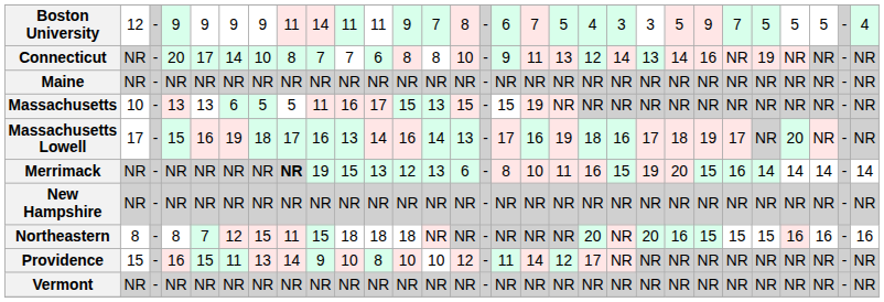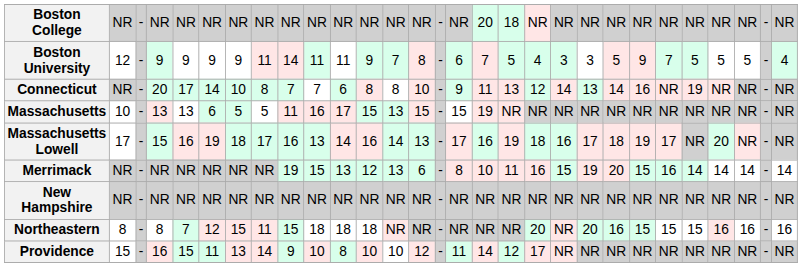 <table class="wikitable sortable" style="text-align: center;">
 <tr>
+</tr>
+<tr bgcolor=d0d0d0>
+<th>Boston College</th>
+<td>NR</td>
+<td>-</td>
+<td>NR</td>
+<td>NR</td>
+<td>NR</td>
+<td>NR</td>
+<td>NR</td>
+<td>NR</td>
+<td>NR</td>
+<td>NR</td>
+<td>NR</td>
+<td>NR</td>
+<td>NR</td>
+<td>-</td>
+<td>NR</td>
+<td bgcolor=D8FFEB>20</td>
+<td bgcolor=D8FFEB>18</td>
+<td bgcolor=FFE6E6>NR</td>
+<td>NR</td>
+<td>NR</td>
+<td>NR</td>
+<td>NR</td>
+<td>NR</td>
+<td>NR</td>
+<td>NR</td>
+<td>NR</td>
+<td>-</td>
+<td>NR</td>
 </tr>
 <tr bgcolor=d0d0d0>
 <th>Boston University</th>
 <td bgcolor=ffffff>12</td>
 <td>-</td>
 <td bgcolor=D8FFEB>9</td>
 <td bgcolor=ffffff>9</td>
 <td bgcolor=ffffff>9</td>
 <td bgcolor=ffffff>9</td>
 <td bgcolor=FFE6E6>11</td>
 <td bgcolor=FFE6E6>14</td>
 <td bgcolor=D8FFEB>11</td>
 <td bgcolor=ffffff>11</td>
 <td bgcolor=D8FFEB>9</td>
 <td bgcolor=D8FFEB>7</td>
 <td bgcolor=FFE6E6>8</td>
 <td>-</td>
 <td bgcolor=D8FFEB>6</td>
 <td bgcolor=FFE6E6>7</td>
 <td bgcolor=D8FFEB>5</td>
 <td bgcolor=D8FFEB>4</td>
 <td bgcolor=D8FFEB>3</td>
 <td bgcolor=ffffff>3</td>
 <td bgcolor=FFE6E6>5</td>
 <td bgcolor=FFE6E6>9</td>
 <td bgcolor=D8FFEB>7</td>
 <td bgcolor=D8FFEB>5</td>
 <td bgcolor=ffffff>5</td>
 <td bgcolor=ffffff>5</td>
 <td>-</td>
 <td bgcolor=D8FFEB>4</td>
 </tr>
 <tr bgcolor=d0d0d0>
 <th>Connecticut</th>
 <td>NR</td>
 <td>-</td>
 <td bgcolor=D8FFEB>20</td>
 <td bgcolor=D8FFEB>17</td>
 <td bgcolor=D8FFEB>14</td>
 <td bgcolor=D8FFEB>10</td>
 <td bgcolor=D8FFEB>8</td>
 <td bgcolor=D8FFEB>7</td>
 <td bgcolor=ffffff>7</td>
 <td bgcolor=D8FFEB>6</td>
 <td bgcolor=FFE6E6>8</td>
 <td bgcolor=ffffff>8</td>
 <td bgcolor=FFE6E6>10</td>
 <td>-</td>
 <td bgcolor=D8FFEB>9</td>
 <td bgcolor=FFE6E6>11</td>
 <td bgcolor=FFE6E6>13</td>
 <td bgcolor=D8FFEB>12</td>
 <td bgcolor=FFE6E6>14</td>
 <td bgcolor=D8FFEB>13</td>
 <td bgcolor=FFE6E6>14</td>
 <td bgcolor=FFE6E6>16</td>
 <td bgcolor=FFE6E6>NR</td>
 <td bgcolor=FFE6E6>19</td>
 <td bgcolor=FFE6E6>NR</td>
-<td>NR</td>
-<td>-</td>
-<td>NR</td>
-</tr>
-<tr bgcolor=d0d0d0>
-<th>Maine</th>
-<td>NR</td>
-<td>-</td>
-<td>NR</td>
-<td>NR</td>
-<td>NR</td>
-<td>NR</td>
-<td>NR</td>
-<td>NR</td>
-<td>NR</td>
-<td>NR</td>
-<td>NR</td>
-<td>NR</td>
-<td>NR</td>
-<td>-</td>
-<td>NR</td>
-<td>NR</td>
-<td>NR</td>
-<td>NR</td>
-<td>NR</td>
-<td>NR</td>
-<td>NR</td>
-<td>NR</td>
-<td>NR</td>
-<td>NR</td>
-<td>NR</td>
 <td>NR</td>
 <td>-</td>
 <td>NR</td>
 </tr>
 <tr bgcolor=d0d0d0>
 <th>Massachusetts</th>
 <td bgcolor=ffffff>10</td>
 <td>-</td>
 <td bgcolor=FFE6E6>13</td>
 <td bgcolor=ffffff>13</td>
 <td bgcolor=D8FFEB>6</td>
 <td bgcolor=D8FFEB>5</td>
 <td bgcolor=ffffff>5</td>
 <td bgcolor=FFE6E6>11</td>
 <td bgcolor=FFE6E6>16</td>
 <td bgcolor=FFE6E6>17</td>
 <td bgcolor=D8FFEB>15</td>
 <td bgcolor=D8FFEB>13</td>
 <td bgcolor=FFE6E6>15</td>
 <td>-</td>
 <td bgcolor=ffffff>15</td>
 <td bgcolor=FFE6E6>19</td>
 <td bgcolor=FFE6E6>NR</td>
 <td>NR</td>
 <td>NR</td>
 <td>NR</td>
 <td>NR</td>
 <td>NR</td>
 <td>NR</td>
 <td>NR</td>
 <td>NR</td>
 <td>NR</td>
 <td>-</td>
 <td>NR</td>
 </tr>
 <tr bgcolor=d0d0d0>
 <th>Massachusetts Lowell</th>
 <td bgcolor=ffffff>17</td>
 <td>-</td>
 <td bgcolor=D8FFEB>15</td>
 <td bgcolor=FFE6E6>16</td>
 <td bgcolor=FFE6E6>19</td>
 <td bgcolor=D8FFEB>18</td>
 <td bgcolor=D8FFEB>17</td>
 <td bgcolor=D8FFEB>16</td>
 <td bgcolor=D8FFEB>13</td>
 <td bgcolor=FFE6E6>14</td>
 <td bgcolor=FFE6E6>16</td>
 <td bgcolor=D8FFEB>14</td>
 <td bgcolor=D8FFEB>13</td>
 <td>-</td>
 <td bgcolor=FFE6E6>17</td>
 <td bgcolor=D8FFEB>16</td>
 <td bgcolor=FFE6E6>19</td>
 <td bgcolor=D8FFEB>18</td>
 <td bgcolor=D8FFEB>16</td>
 <td bgcolor=FFE6E6>17</td>
 <td bgcolor=FFE6E6>18</td>
 <td bgcolor=FFE6E6>19</td>
 <td bgcolor=FFE6E6>17</td>
 <td>NR</td>
 <td bgcolor=D8FFEB>20</td>
 <td bgcolor=FFE6E6>NR</td>
 <td>-</td>
 <td>NR</td>
 </tr>
 <tr bgcolor=d0d0d0>
 <th>Merrimack</th>
 <td>NR</td>
 <td>-</td>
 <td>NR</td>
 <td>NR</td>
 <td>NR</td>
 <td>NR</td>
-<td><strong>NR</strong></td>
+<td>NR</td>
 <td bgcolor=D8FFEB>19</td>
 <td bgcolor=D8FFEB>15</td>
 <td bgcolor=D8FFEB>13</td>
 <td bgcolor=D8FFEB>12</td>
 <td bgcolor=D8FFEB>13</td>
 <td bgcolor=D8FFEB>6</td>
 <td>-</td>
 <td bgcolor=FFE6E6>8</td>
 <td bgcolor=FFE6E6>10</td>
 <td bgcolor=FFE6E6>11</td>
 <td bgcolor=FFE6E6>16</td>
 <td bgcolor=D8FFEB>15</td>
 <td bgcolor=FFE6E6>19</td>
 <td bgcolor=FFE6E6>20</td>
 <td bgcolor=D8FFEB>15</td>
 <td bgcolor=D8FFEB>16</td>
 <td bgcolor=D8FFEB>14</td>
 <td bgcolor=ffffff>14</td>
 <td bgcolor=ffffff>14</td>
 <td>-</td>
 <td bgcolor=ffffff>14</td>
 </tr>
 <tr bgcolor=d0d0d0>
 <th>New Hampshire</th>
 <td>NR</td>
 <td>-</td>
 <td>NR</td>
 <td>NR</td>
 <td>NR</td>
 <td>NR</td>
 <td>NR</td>
 <td>NR</td>
 <td>NR</td>
 <td>NR</td>
 <td>NR</td>
 <td>NR</td>
 <td>NR</td>
 <td>-</td>
 <td>NR</td>
 <td>NR</td>
 <td>NR</td>
 <td>NR</td>
 <td>NR</td>
 <td>NR</td>
 <td>NR</td>
 <td>NR</td>
 <td>NR</td>
 <td>NR</td>
 <td>NR</td>
 <td>NR</td>
 <td>-</td>
 <td>NR</td>
 </tr>
 <tr bgcolor=d0d0d0>
 <th>Northeastern</th>
 <td bgcolor=ffffff>8</td>
 <td>-</td>
 <td bgcolor=ffffff>8</td>
 <td bgcolor=D8FFEB>7</td>
 <td bgcolor=FFE6E6>12</td>
 <td bgcolor=FFE6E6>15</td>
 <td bgcolor=FFE6E6>11</td>
 <td bgcolor=D8FFEB>15</td>
 <td bgcolor=ffffff>18</td>
 <td bgcolor=ffffff>18</td>
 <td bgcolor=ffffff>18</td>
 <td bgcolor=FFE6E6>NR</td>
 <td>NR</td>
 <td>-</td>
 <td>NR</td>
 <td>NR</td>
 <td>NR</td>
 <td bgcolor=D8FFEB>20</td>
 <td bgcolor=FFE6E6>NR</td>
 <td bgcolor=D8FFEB>20</td>
 <td bgcolor=D8FFEB>16</td>
 <td bgcolor=D8FFEB>15</td>
 <td bgcolor=ffffff>15</td>
 <td bgcolor=ffffff>15</td>
 <td bgcolor=FFE6E6>16</td>
 <td bgcolor=ffffff>16</td>
 <td>-</td>
 <td bgcolor=ffffff>16</td>
 </tr>
 <tr bgcolor=d0d0d0>
 <th>Providence</th>
 <td bgcolor=ffffff>15</td>
 <td>-</td>
 <td bgcolor=FFE6E6>16</td>
 <td bgcolor=D8FFEB>15</td>
 <td bgcolor=D8FFEB>11</td>
 <td bgcolor=FFE6E6>13</td>
 <td bgcolor=FFE6E6>14</td>
 <td bgcolor=D8FFEB>9</td>
 <td bgcolor=FFE6E6>10</td>
 <td bgcolor=D8FFEB>8</td>
 <td bgcolor=FFE6E6>10</td>
 <td bgcolor=ffffff>10</td>
 <td bgcolor=FFE6E6>12</td>
 <td>-</td>
 <td bgcolor=D8FFEB>11</td>
 <td bgcolor=FFE6E6>14</td>
 <td bgcolor=D8FFEB>12</td>
 <td bgcolor=FFE6E6>17</td>
 <td bgcolor=FFE6E6>NR</td>
 <td>NR</td>
 <td>NR</td>
 <td>NR</td>
 <td>NR</td>
 <td>NR</td>
 <td>NR</td>
 <td>NR</td>
 <td>-</td>
 <td>NR</td>
 </tr>
-<tr bgcolor=d0d0d0>
-<th>Vermont</th>
-<td>NR</td>
-<td>-</td>
-<td>NR</td>
-<td>NR</td>
-<td>NR</td>
-<td>NR</td>
-<td>NR</td>
-<td>NR</td>
-<td>NR</td>
-<td>NR</td>
-<td>NR</td>
-<td>NR</td>
-<td>NR</td>
-<td>-</td>
-<td>NR</td>
-<td>NR</td>
-<td>NR</td>
-<td>NR</td>
-<td>NR</td>
-<td>NR</td>
-<td>NR</td>
-<td>NR</td>
-<td>NR</td>
-<td>NR</td>
-<td>NR</td>
-<td>NR</td>
-<td>-</td>
-<td>NR</td>
-</tr>
 <tr>
 </tr>
 </table>
